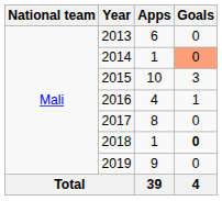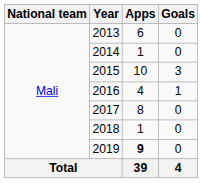 <table class="wikitable" style="text-align:center">
 <tr>
 <th>National team</th>
 <th>Year</th>
 <th>Apps</th>
 <th>Goals</th>
 </tr>
 <tr>
 <td rowspan="7"><a href='#'>Mali</a></td>
 <td>2013</td>
 <td>6</td>
 <td>0</td>
 </tr>
 <tr>
 <td>2014</td>
 <td>1</td>
-<td style="background: lightsalmon;">0</td>
+<td>0</td>
 </tr>
 <tr>
 <td>2015</td>
 <td>10</td>
 <td>3</td>
 </tr>
 <tr>
 <td>2016</td>
 <td>4</td>
 <td>1</td>
 </tr>
 <tr>
 <td>2017</td>
 <td>8</td>
 <td>0</td>
 </tr>
 <tr>
 <td>2018</td>
 <td>1</td>
-<td><strong>0</strong></td>
+<td>0</td>
 </tr>
 <tr>
 <td>2019</td>
-<td>9</td>
+<td><strong>9</strong></td>
 <td>0</td>
 </tr>
 <tr>
 <th colspan="2">Total</th>
 <th>39</th>
 <th>4</th>
 </tr>
 </table>
